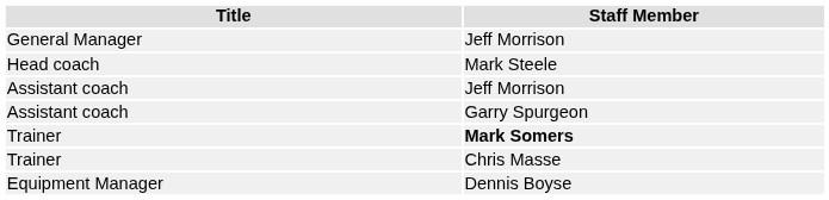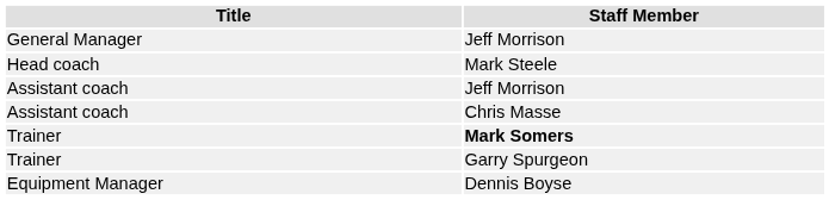 <table style="width:60%;" h=90%>
 <tr bgcolor="#e0e0e0">
 <th>Title</th>
 <th>Staff Member</th>
 </tr>
 <tr bgcolor="#f0f0f0">
 <td>General Manager</td>
 <td>Jeff Morrison</td>
 </tr>
 <tr bgcolor="#f0f0f0">
 <td>Head coach</td>
 <td>Mark Steele</td>
 </tr>
 <tr bgcolor="#f0f0f0">
 <td>Assistant coach</td>
 <td>Jeff Morrison</td>
 </tr>
 <tr bgcolor="#f0f0f0">
 <td>Assistant coach</td>
-<td>Garry Spurgeon</td>
+<td>Chris Masse</td>
 </tr>
 <tr bgcolor="#f0f0f0">
 <td>Trainer</td>
 <td><strong>Mark Somers</strong></td>
 </tr>
 <tr bgcolor="#f0f0f0">
 <td>Trainer</td>
-<td>Chris Masse</td>
+<td>Garry Spurgeon</td>
 </tr>
 <tr bgcolor="#f0f0f0">
 <td>Equipment Manager</td>
 <td>Dennis Boyse</td>
 </tr>
 </table>
